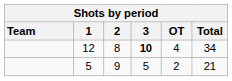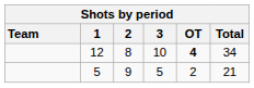 <table class="wikitable" style="width:20em; text-align:right;">
 <tr>
 <th colspan="6">Shots by period</th>
 </tr>
 <tr>
 <th style="width:8em; text-align:left;">Team</th>
 <th style="width:3em;">1</th>
 <th style="width:3em;">2</th>
 <th style="width:3em;">3</th>
 <th style="width:3em;">OT</th>
 <th style="width:3em;">Total</th>
 </tr>
 <tr style="text-align:center;">
 <td style="text-align:left;"></td>
 <td>12</td>
 <td>8</td>
-<td><strong>10</strong></td>
-<td>4</td>
+<td>10</td>
+<td><strong>4</strong></td>
 <td>34</td>
 </tr>
 <tr style="text-align:center;">
 <td style="text-align:left;"></td>
 <td>5</td>
 <td>9</td>
 <td>5</td>
 <td>2</td>
 <td>21</td>
 </tr>
 </table>
